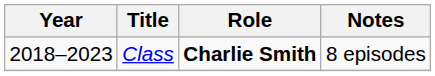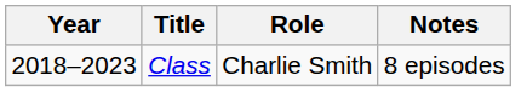 <table class="wikitable">
 <tr>
 <th>Year</th>
 <th>Title</th>
 <th>Role</th>
 <th>Notes</th>
 </tr>
 <tr>
 <td>2018–2023</td>
 <td><em><a href='#'>Class</a></em></td>
-<td><strong>Charlie Smith</strong></td>
+<td>Charlie Smith</td>
 <td>8 episodes</td>
 </tr>
 <tr>
 </tr>
 </table>
